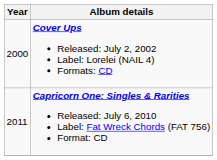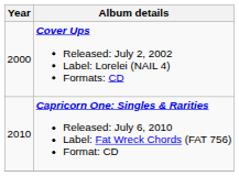 <table class ="wikitable">
 <tr>
 <th>Year</th>
 <th>Album details</th>
 </tr>
 <tr>
 <td>2000</td>
 <td><strong><em><a href='#'>Cover Ups</a></em></strong><br><ul><li>Released: July 2, 2002</li><li>Label: Lorelei (NAIL 4)</li><li>Formats: <a href='#'>CD</a></li></ul></td>
 </tr>
 <tr>
-<td>2011</td>
+<td>2010</td>
 <td><strong><em><a href='#'>Capricorn One: Singles & Rarities</a></em></strong><br><ul><li>Released: July 6, 2010</li><li>Label: <a href='#'>Fat Wreck Chords</a> (FAT 756)</li><li>Format: CD</li></ul></td>
 </tr>
 <tr>
 </tr>
 </table>
